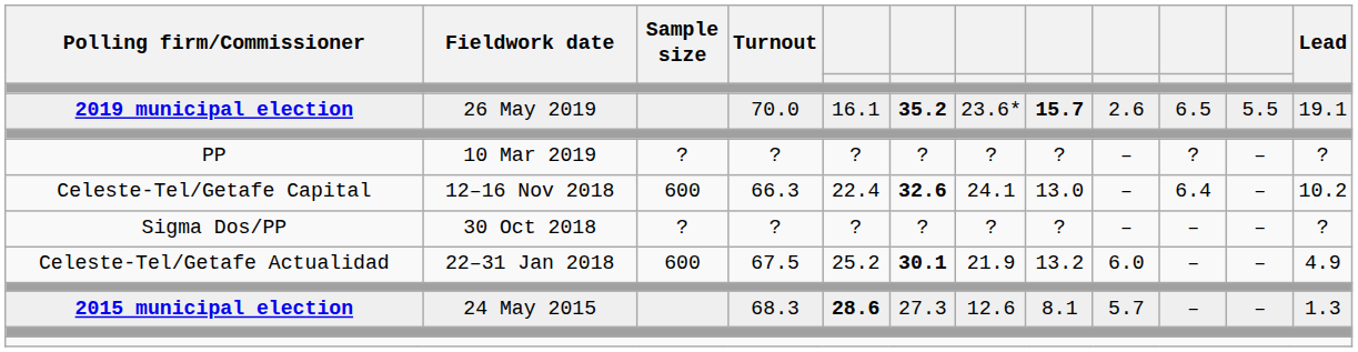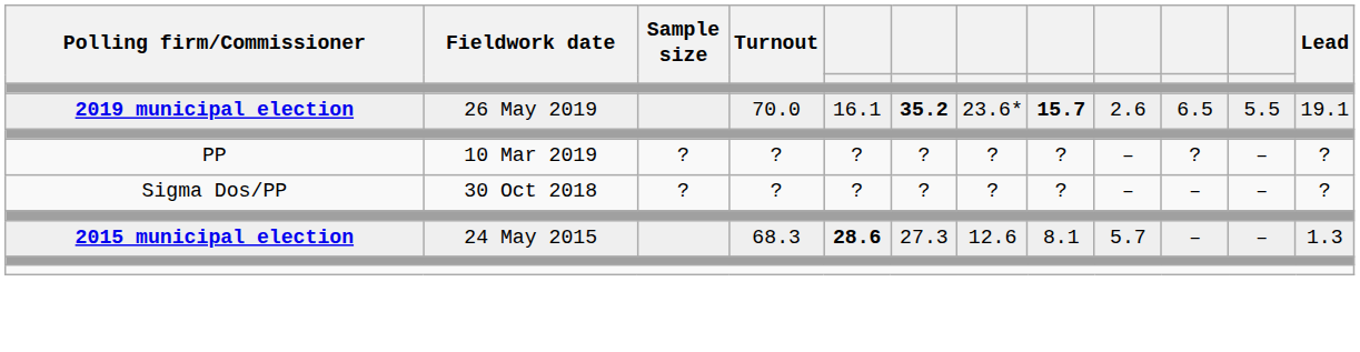 <table class="wikitable collapsible collapsed" style="text-align:center; font-size:95%; line-height:16px;">
 <tr style="height:42px;">
 <th style="width:250px;" rowspan="2">Polling firm/Commissioner</th>
 <th style="width:125px;" rowspan="2">Fieldwork date</th>
 <th style="width:50px;" rowspan="2">Sample size</th>
 <th style="width:45px;" rowspan="2">Turnout</th>
 <th style="width:35px;"></th>
 <th style="width:35px;"></th>
 <th style="width:35px;"></th>
 <th style="width:35px;"></th>
 <th style="width:35px;"></th>
 <th style="width:35px;"></th>
 <th style="width:35px;"></th>
 <th style="width:30px;" rowspan="2">Lead</th>
 </tr>
 <tr>
 <th style="color:inherit;background:"></th>
 <th style="color:inherit;background:"></th>
 <th style="color:inherit;background:"></th>
 <th style="color:inherit;background:"></th>
 <th style="color:inherit;background:"></th>
 <th style="color:inherit;background:"></th>
 <th style="color:inherit;background:"></th>
 </tr>
 <tr>
 <td colspan="12" style="background:#A0A0A0"></td>
 </tr>
 <tr style="background:#EFEFEF;">
 <td><strong><a href='#'>2019 municipal election</a></strong></td>
 <td>26 May 2019</td>
 <td></td>
 <td>70.0</td>
 <td>16.1<br></td>
 <td><strong>35.2</strong><br></td>
 <td>23.6*<br></td>
 <td><strong>15.7<br></strong></td>
 <td>2.6<br></td>
 <td>6.5<br></td>
 <td>5.5<br></td>
 <td style="background:">19.1</td>
 </tr>
 <tr>
 <td colspan="12" style="background:#A0A0A0"></td>
 </tr>
 <tr>
 <td>PP</td>
 <td>10 Mar 2019</td>
 <td>?</td>
 <td>?</td>
 <td>?<br></td>
 <td>?<br></td>
 <td>?<br></td>
 <td>?<br></td>
 <td>–</td>
 <td>?<br></td>
 <td>–</td>
 <td style="background:">?</td>
 </tr>
 <tr>
-<td>Celeste-Tel/Getafe Capital</td>
-<td>12–16 Nov 2018</td>
-<td>600</td>
-<td>66.3</td>
-<td>22.4<br></td>
-<td><strong>32.6</strong><br></td>
-<td>24.1<br></td>
-<td>13.0<br></td>
-<td>–</td>
-<td>6.4<br></td>
-<td>–</td>
-<td style="background:">10.2</td>
-</tr>
-<tr>
 <td>Sigma Dos/PP</td>
 <td>30 Oct 2018</td>
 <td>?</td>
 <td>?</td>
 <td>?<br></td>
 <td>?<br></td>
 <td>?<br></td>
 <td>?<br></td>
 <td>–</td>
 <td>–</td>
 <td>–</td>
 <td style="background:">?</td>
-</tr>
-<tr>
-<td>Celeste-Tel/Getafe Actualidad</td>
-<td>22–31 Jan 2018</td>
-<td>600</td>
-<td>67.5</td>
-<td>25.2<br></td>
-<td><strong>30.1</strong><br></td>
-<td>21.9<br></td>
-<td>13.2<br></td>
-<td>6.0<br></td>
-<td>–</td>
-<td>–</td>
-<td style="background:">4.9</td>
 </tr>
 <tr>
 <td colspan="12" style="background:#A0A0A0"></td>
 </tr>
 <tr style="background:#EFEFEF;">
 <td><strong><a href='#'>2015 municipal election</a></strong></td>
 <td>24 May 2015</td>
 <td></td>
 <td>68.3</td>
 <td><strong>28.6</strong><br></td>
 <td>27.3<br></td>
 <td>12.6<br></td>
 <td>8.1<br></td>
 <td>5.7<br></td>
 <td>–</td>
 <td>–</td>
 <td style="background:">1.3</td>
 </tr>
 <tr>
 <td colspan="12" style="background:#A0A0A0"></td>
 </tr>
 <tr>
 <td align="left" colspan="12"></td>
 </tr>
 </table>
